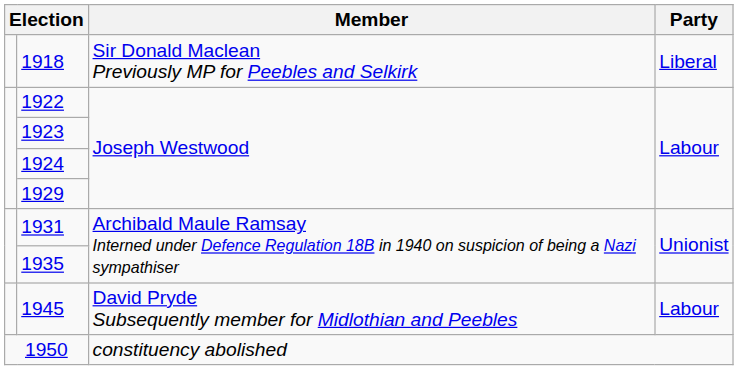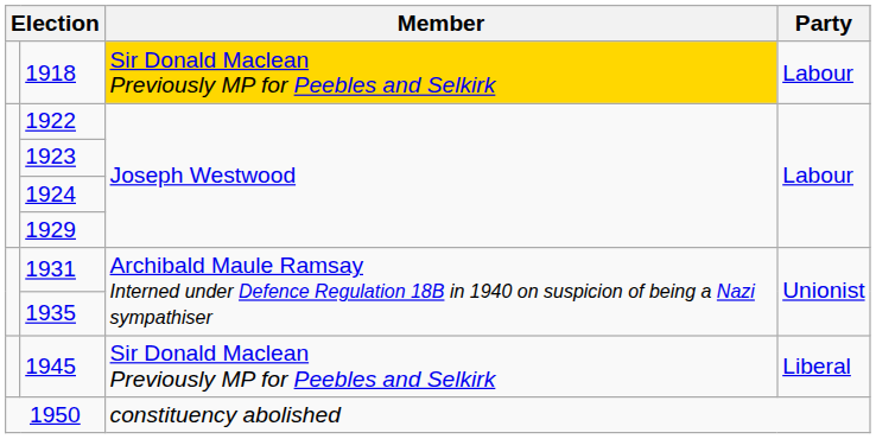 <table class="wikitable">
 <tr>
 <th colspan="2">Election</th>
 <th>Member </th>
 <th>Party</th>
 </tr>
 <tr>
 <td style="color:inherit;background-color: "></td>
 <td><a href='#'>1918</a></td>
-<td><a href='#'>Sir Donald Maclean</a><br> <em>Previously MP for <a href='#'>Peebles and Selkirk</a></em></td>
-<td><a href='#'>Liberal</a></td>
+<td style="background: gold;"><a href='#'>Sir Donald Maclean</a><br> <em>Previously MP for <a href='#'>Peebles and Selkirk</a></em></td>
+<td><a href='#'>Labour</a></td>
 </tr>
 <tr>
 <td rowspan="4" style="color:inherit;background-color: "></td>
 <td><a href='#'>1922</a></td>
 <td rowspan="4"><a href='#'>Joseph Westwood</a></td>
 <td rowspan="4"><a href='#'>Labour</a></td>
 </tr>
 <tr>
 <td><a href='#'>1923</a></td>
 </tr>
 <tr>
 <td><a href='#'>1924</a></td>
 </tr>
 <tr>
 <td><a href='#'>1929</a></td>
 </tr>
 <tr>
 <td rowspan="2" style="color:inherit;background-color: "></td>
 <td><a href='#'>1931</a></td>
 <td rowspan="2"><a href='#'>Archibald Maule Ramsay</a><br><small><em>Interned under <a href='#'>Defence Regulation 18B</a> in 1940 on suspicion of being a <a href='#'>Nazi</a> sympathiser</em></small></td>
 <td rowspan="2"><a href='#'>Unionist</a></td>
 </tr>
 <tr>
 <td><a href='#'>1935</a></td>
 </tr>
 <tr>
 <td style="color:inherit;background-color: "></td>
 <td><a href='#'>1945</a></td>
-<td><a href='#'>David Pryde</a><br> <em>Subsequently member for <a href='#'>Midlothian and Peebles</a></em></td>
-<td><a href='#'>Labour</a></td>
+<td><a href='#'>Sir Donald Maclean</a><br> <em>Previously MP for <a href='#'>Peebles and Selkirk</a></em></td>
+<td><a href='#'>Liberal</a></td>
 </tr>
 <tr>
 <td colspan="2" align="center"><a href='#'>1950</a></td>
 <td colspan="2"><em>constituency abolished</em></td>
 </tr>
 </table>
